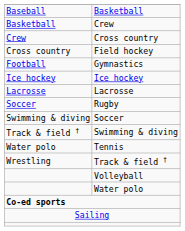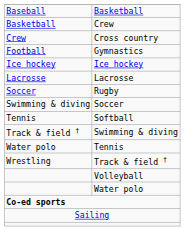 <table class="wikitable" style= " ">
 <tr>
 </tr>
 <tr>
 <td><a href='#'>Baseball</a></td>
 <td><a href='#'>Basketball</a></td>
 </tr>
 <tr>
 <td><a href='#'>Basketball</a></td>
 <td>Crew</td>
 </tr>
 <tr>
 <td><a href='#'>Crew</a></td>
 <td>Cross country</td>
-</tr>
-<tr>
-<td>Cross country</td>
-<td>Field hockey</td>
 </tr>
 <tr>
 <td><a href='#'>Football</a></td>
 <td>Gymnastics</td>
 </tr>
 <tr>
 <td><a href='#'>Ice hockey</a></td>
 <td><a href='#'>Ice hockey</a></td>
 </tr>
 <tr>
 <td><a href='#'>Lacrosse</a></td>
 <td>Lacrosse</td>
 </tr>
 <tr>
 <td><a href='#'>Soccer</a></td>
 <td>Rugby</td>
 </tr>
 <tr>
 <td>Swimming & diving</td>
 <td>Soccer</td>
+</tr>
+<tr>
+<td>Tennis</td>
+<td>Softball</td>
 </tr>
 <tr>
 <td>Track & field <sup>†</sup></td>
 <td>Swimming & diving</td>
 </tr>
 <tr>
 <td>Water polo</td>
 <td>Tennis</td>
 </tr>
 <tr>
 <td>Wrestling</td>
 <td>Track & field <sup>†</sup></td>
 </tr>
 <tr>
 <td></td>
 <td>Volleyball</td>
 </tr>
 <tr>
 <td></td>
 <td>Water polo</td>
 </tr>
 <tr>
 <td colspan="2"><strong>Co-ed sports</strong></td>
 </tr>
 <tr style="text-align:center">
 <td colspan="2"><a href='#'>Sailing</a></td>
 </tr>
 <tr>
 <td colspan="2"></td>
 </tr>
 </table>
